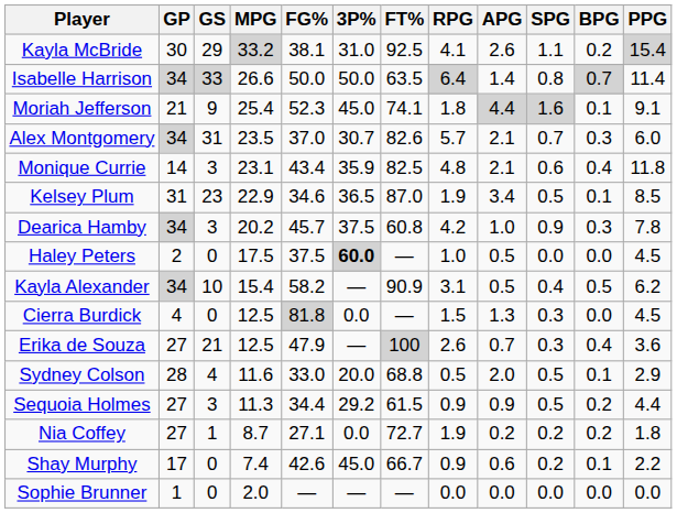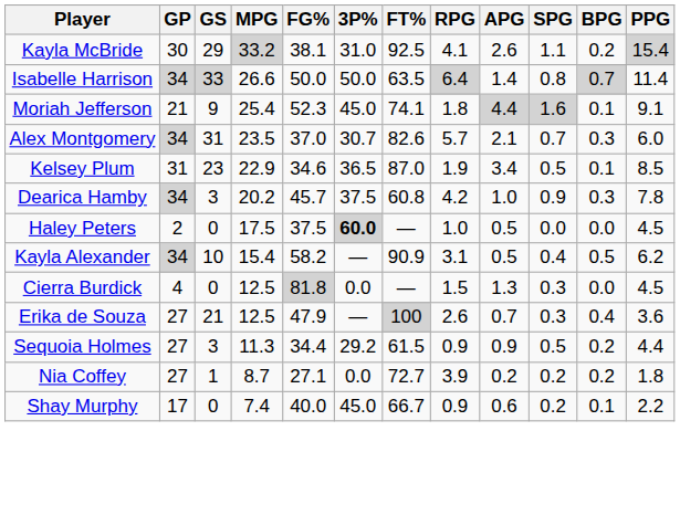 <table class="wikitable sortable" style="text-align:center;">
 <tr>
 <th>Player</th>
 <th>GP</th>
 <th>GS</th>
 <th>MPG</th>
 <th>FG%</th>
 <th>3P%</th>
 <th>FT%</th>
 <th>RPG</th>
 <th>APG</th>
 <th>SPG</th>
 <th>BPG</th>
 <th>PPG</th>
 </tr>
 <tr>
 <td><a href='#'>Kayla McBride</a></td>
 <td>30</td>
 <td>29</td>
 <td style="background:#D3D3D3;">33.2</td>
 <td>38.1</td>
 <td>31.0</td>
 <td>92.5</td>
 <td>4.1</td>
 <td>2.6</td>
 <td>1.1</td>
 <td>0.2</td>
 <td style="background:#D3D3D3;">15.4</td>
 </tr>
 <tr>
 <td><a href='#'>Isabelle Harrison</a></td>
 <td style="background:#D3D3D3;">34</td>
 <td style="background:#D3D3D3;">33</td>
 <td>26.6</td>
 <td>50.0</td>
 <td>50.0</td>
 <td>63.5</td>
 <td style="background:#D3D3D3;">6.4</td>
 <td>1.4</td>
 <td>0.8</td>
 <td style="background:#D3D3D3;">0.7</td>
 <td>11.4</td>
 </tr>
 <tr>
 <td><a href='#'>Moriah Jefferson</a></td>
 <td>21</td>
 <td>9</td>
 <td>25.4</td>
 <td>52.3</td>
 <td>45.0</td>
 <td>74.1</td>
 <td>1.8</td>
 <td style="background:#D3D3D3;">4.4</td>
 <td style="background:#D3D3D3;">1.6</td>
 <td>0.1</td>
 <td>9.1</td>
 </tr>
 <tr>
 <td><a href='#'>Alex Montgomery</a></td>
 <td style="background:#D3D3D3;">34</td>
 <td>31</td>
 <td>23.5</td>
 <td>37.0</td>
 <td>30.7</td>
 <td>82.6</td>
 <td>5.7</td>
 <td>2.1</td>
 <td>0.7</td>
 <td>0.3</td>
 <td>6.0</td>
-</tr>
-<tr>
-<td><a href='#'>Monique Currie</a></td>
-<td>14</td>
-<td>3</td>
-<td>23.1</td>
-<td>43.4</td>
-<td>35.9</td>
-<td>82.5</td>
-<td>4.8</td>
-<td>2.1</td>
-<td>0.6</td>
-<td>0.4</td>
-<td>11.8</td>
 </tr>
 <tr>
 <td><a href='#'>Kelsey Plum</a></td>
 <td>31</td>
 <td>23</td>
 <td>22.9</td>
 <td>34.6</td>
 <td>36.5</td>
 <td>87.0</td>
 <td>1.9</td>
 <td>3.4</td>
 <td>0.5</td>
 <td>0.1</td>
 <td>8.5</td>
 </tr>
 <tr>
 <td><a href='#'>Dearica Hamby</a></td>
 <td style="background:#D3D3D3;">34</td>
 <td>3</td>
 <td>20.2</td>
 <td>45.7</td>
 <td>37.5</td>
 <td>60.8</td>
 <td>4.2</td>
 <td>1.0</td>
 <td>0.9</td>
 <td>0.3</td>
 <td>7.8</td>
 </tr>
 <tr>
 <td><a href='#'>Haley Peters</a></td>
 <td>2</td>
 <td>0</td>
 <td>17.5</td>
 <td>37.5</td>
 <td style="background:#D3D3D3;"><strong>60.0</strong></td>
 <td>—</td>
 <td>1.0</td>
 <td>0.5</td>
 <td>0.0</td>
 <td>0.0</td>
 <td>4.5</td>
 </tr>
 <tr>
 <td><a href='#'>Kayla Alexander</a></td>
 <td style="background:#D3D3D3;">34</td>
 <td>10</td>
 <td>15.4</td>
 <td>58.2</td>
 <td>—</td>
 <td>90.9</td>
 <td>3.1</td>
 <td>0.5</td>
 <td>0.4</td>
 <td>0.5</td>
 <td>6.2</td>
 </tr>
 <tr>
 <td><a href='#'>Cierra Burdick</a></td>
 <td>4</td>
 <td>0</td>
 <td>12.5</td>
 <td style="background:#D3D3D3;">81.8</td>
 <td>0.0</td>
 <td>—</td>
 <td>1.5</td>
 <td>1.3</td>
 <td>0.3</td>
 <td>0.0</td>
 <td>4.5</td>
 </tr>
 <tr>
 <td><a href='#'>Erika de Souza</a></td>
 <td>27</td>
 <td>21</td>
 <td>12.5</td>
 <td>47.9</td>
 <td>—</td>
 <td style="background:#D3D3D3;">100</td>
 <td>2.6</td>
 <td>0.7</td>
 <td>0.3</td>
 <td>0.4</td>
 <td>3.6</td>
 </tr>
 <tr>
-<td><a href='#'>Sydney Colson</a></td>
-<td>28</td>
-<td>4</td>
-<td>11.6</td>
-<td>33.0</td>
-<td>20.0</td>
-<td>68.8</td>
-<td>0.5</td>
-<td>2.0</td>
-<td>0.5</td>
-<td>0.1</td>
-<td>2.9</td>
-</tr>
-<tr>
 <td><a href='#'>Sequoia Holmes</a></td>
 <td>27</td>
 <td>3</td>
 <td>11.3</td>
 <td>34.4</td>
 <td>29.2</td>
 <td>61.5</td>
 <td>0.9</td>
 <td>0.9</td>
 <td>0.5</td>
 <td>0.2</td>
 <td>4.4</td>
 </tr>
 <tr>
 <td><a href='#'>Nia Coffey</a></td>
 <td>27</td>
 <td>1</td>
 <td>8.7</td>
 <td>27.1</td>
 <td>0.0</td>
 <td>72.7</td>
-<td>1.9</td>
+<td>3.9</td>
 <td>0.2</td>
 <td>0.2</td>
 <td>0.2</td>
 <td>1.8</td>
 </tr>
 <tr>
 <td><a href='#'>Shay Murphy</a></td>
 <td>17</td>
 <td>0</td>
 <td>7.4</td>
-<td>42.6</td>
+<td>40.0</td>
 <td>45.0</td>
 <td>66.7</td>
 <td>0.9</td>
 <td>0.6</td>
 <td>0.2</td>
 <td>0.1</td>
 <td>2.2</td>
 </tr>
-<tr>
-<td><a href='#'>Sophie Brunner</a></td>
-<td>1</td>
-<td>0</td>
-<td>2.0</td>
-<td>—</td>
-<td>—</td>
-<td>—</td>
-<td>0.0</td>
-<td>0.0</td>
-<td>0.0</td>
-<td>0.0</td>
-<td>0.0</td>
-</tr>
 </table>
